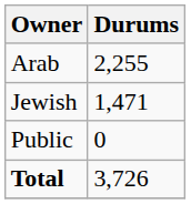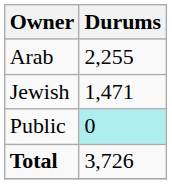 <table class="wikitable">
 <tr>
 <th>Owner</th>
 <th>Durums</th>
 </tr>
 <tr>
 <td>Arab</td>
 <td>2,255</td>
 </tr>
 <tr>
 <td>Jewish</td>
 <td>1,471</td>
 </tr>
 <tr>
 <td>Public</td>
-<td>0</td>
+<td style="background: paleturquoise;">0</td>
 </tr>
 <tr>
 <td><strong>Total</strong></td>
 <td>3,726</td>
 </tr>
 <tr>
 </tr>
 </table>
